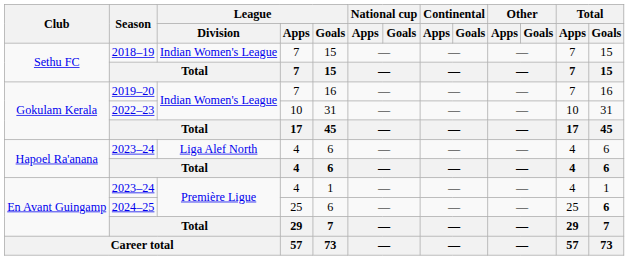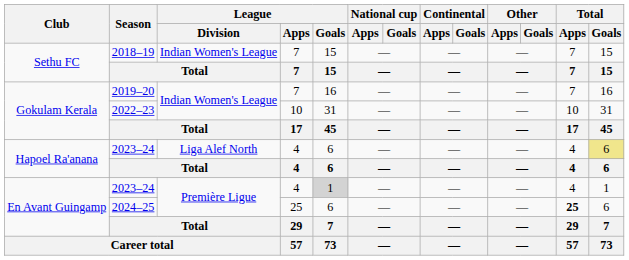 <table class="wikitable" style="text-align:center">
 <tr>
 <th rowspan="2">Club</th>
 <th rowspan="2">Season</th>
 <th colspan="3">League</th>
 <th colspan="2">National cup</th>
 <th colspan="2">Continental</th>
 <th colspan="2">Other</th>
 <th colspan="2">Total</th>
 </tr>
 <tr>
 <th>Division</th>
 <th>Apps</th>
 <th>Goals</th>
 <th>Apps</th>
 <th>Goals</th>
 <th>Apps</th>
 <th>Goals</th>
 <th>Apps</th>
 <th>Goals</th>
 <th>Apps</th>
 <th>Goals</th>
 </tr>
 <tr>
 <td rowspan="2"><a href='#'>Sethu FC</a></td>
 <td><a href='#'>2018–19</a></td>
 <td><a href='#'>Indian Women's League</a></td>
 <td>7</td>
 <td>15</td>
 <td colspan="2">—</td>
 <td colspan="2">—</td>
 <td colspan="2">—</td>
 <td>7</td>
 <td>15</td>
 </tr>
 <tr>
 <th colspan="2">Total</th>
 <th>7</th>
 <th>15</th>
 <th colspan="2">—</th>
 <th colspan="2">—</th>
 <th colspan="2">—</th>
 <th>7</th>
 <th>15</th>
 </tr>
 <tr>
 <td rowspan="3"><a href='#'>Gokulam Kerala</a></td>
 <td><a href='#'>2019–20</a></td>
 <td rowspan="2"><a href='#'>Indian Women's League</a></td>
 <td>7</td>
 <td>16</td>
 <td colspan="2">—</td>
 <td colspan="2">—</td>
 <td colspan="2">—</td>
 <td>7</td>
 <td>16</td>
 </tr>
 <tr>
 <td><a href='#'>2022–23</a></td>
 <td>10</td>
 <td>31</td>
 <td colspan="2">—</td>
 <td colspan="2">—</td>
 <td colspan="2">—</td>
 <td>10</td>
 <td>31</td>
 </tr>
 <tr>
 <th colspan="2">Total</th>
 <th>17</th>
 <th>45</th>
 <th colspan="2">—</th>
 <th colspan="2">—</th>
 <th colspan="2">—</th>
 <th>17</th>
 <th>45</th>
 </tr>
 <tr>
 <td rowspan="2"><a href='#'>Hapoel Ra'anana</a></td>
 <td><a href='#'>2023–24</a></td>
 <td><a href='#'>Liga Alef North</a></td>
 <td>4</td>
 <td>6</td>
 <td colspan="2">—</td>
 <td colspan="2">—</td>
 <td colspan="2">—</td>
 <td>4</td>
-<td>6</td>
+<td style="background: khaki;">6</td>
 </tr>
 <tr>
 <th colspan="2">Total</th>
 <th>4</th>
 <th>6</th>
 <th colspan="2">—</th>
 <th colspan="2">—</th>
 <th colspan="2">—</th>
 <th>4</th>
 <th>6</th>
 </tr>
 <tr>
 <td rowspan="3"><a href='#'>En Avant Guingamp</a></td>
 <td><a href='#'>2023–24</a></td>
 <td rowspan="2"><a href='#'>Première Ligue</a></td>
 <td>4</td>
-<td>1</td>
+<td style="background: lightgrey;">1</td>
 <td colspan="2">—</td>
 <td colspan="2">—</td>
 <td colspan="2">—</td>
 <td>4</td>
 <td>1</td>
 </tr>
 <tr>
 <td><a href='#'>2024–25</a></td>
 <td>25</td>
 <td>6</td>
 <td colspan="2">—</td>
 <td colspan="2">—</td>
 <td colspan="2">—</td>
-<td>25</td>
-<td><strong>6</strong></td>
+<td><strong>25</strong></td>
+<td>6</td>
 </tr>
 <tr>
 <th colspan="2">Total</th>
 <th>29</th>
 <th>7</th>
 <th colspan="2">—</th>
 <th colspan="2">—</th>
 <th colspan="2">—</th>
 <th>29</th>
 <th>7</th>
 </tr>
 <tr>
 <th colspan="3">Career total</th>
 <th>57</th>
 <th>73</th>
 <th colspan="2">—</th>
 <th colspan="2">—</th>
 <th colspan="2">—</th>
 <th>57</th>
 <th>73</th>
 </tr>
 </table>
